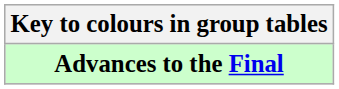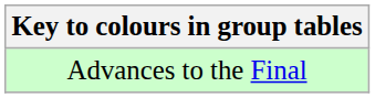 <table class="wikitable">
 <tr>
 <th>Key to colours in group tables</th>
 </tr>
 <tr bgcolor=ccffcc>
-<td align=center><strong>Advances to the <a href='#'>Final</a></strong></td>
+<td align=center>Advances to the <a href='#'>Final</a></td>
 </tr>
 </table>
